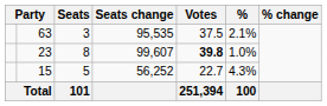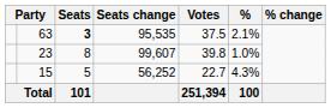 <table class="wikitable sortable">
 <tr>
 <th colspan=2>Party</th>
 <th>Seats</th>
 <th>Seats change</th>
 <th>Votes</th>
 <th>%</th>
 <th>% change</th>
 </tr>
 <tr>
 <td></td>
 <td align=right>63</td>
-<td align=right>3</td>
+<td align=right><strong>3</strong></td>
 <td align=right>95,535</td>
 <td align=right>37.5</td>
 <td align=right>2.1%</td>
 </tr>
 <tr>
 <td></td>
 <td align=right>23</td>
 <td align=right>8</td>
 <td align=right>99,607</td>
-<td align=right><strong>39.8</strong></td>
+<td align=right>39.8</td>
 <td align=right>1.0%</td>
 </tr>
 <tr>
 <td></td>
 <td align=right>15</td>
 <td align=right>5</td>
 <td align=right>56,252</td>
 <td align=right>22.7</td>
 <td align=right>4.3%</td>
 </tr>
 <tr class="sortbottom" style="font-weight: bold; text-align: right; background: #f2f2f2;">
 <th colspan="2" style="padding-left: 1.5em; text-align: left;">Total</th>
 <td align=right>101</td>
 <td align=right></td>
 <td align=right>251,394</td>
 <td align=right>100</td>
 <td align=right></td>
 </tr>
 </table>
